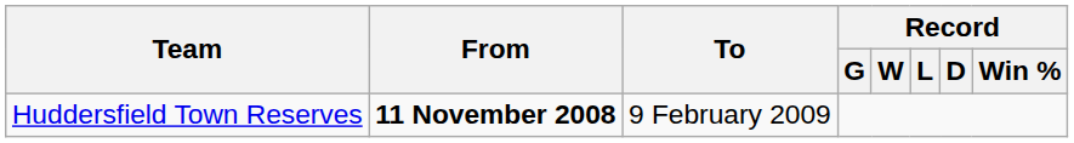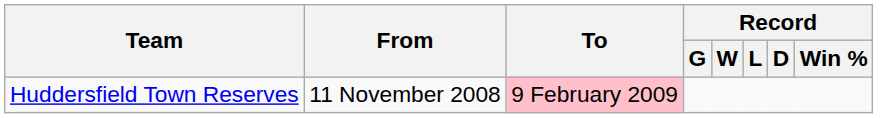 <table class="wikitable" style="text-align: center">
 <tr>
 <th rowspan="2">Team</th>
 <th rowspan="2">From</th>
 <th rowspan="2">To</th>
 <th colspan="5">Record</th>
 </tr>
 <tr>
 <th>G</th>
 <th>W</th>
 <th>L</th>
 <th>D</th>
 <th>Win %</th>
 </tr>
 <tr>
 <td align=left><a href='#'>Huddersfield Town Reserves</a></td>
-<td align=left><strong>11 November 2008</strong></td>
-<td align=left>9 February 2009<br></td>
+<td align=left>11 November 2008</td>
+<td align=left style="background: pink;">9 February 2009<br></td>
 </tr>
 </table>
